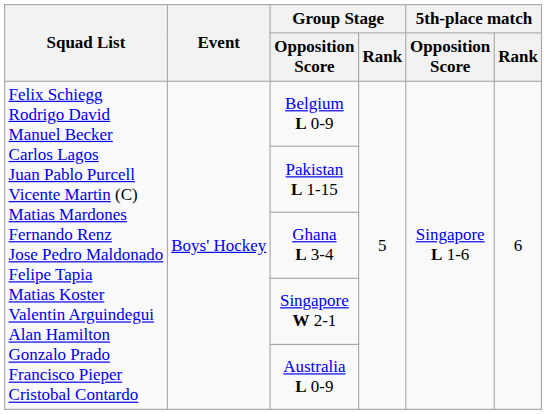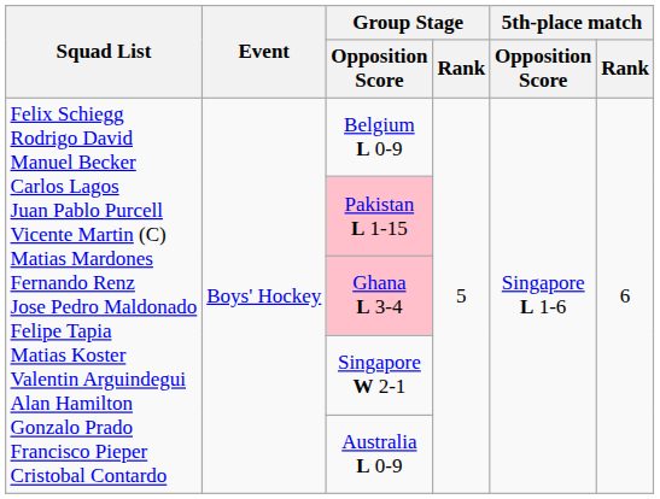 <table class=wikitable style="font-size:90%">
 <tr>
 <th rowspan=2>Squad List</th>
 <th rowspan=2>Event</th>
 <th colspan=2>Group Stage</th>
 <th colspan=2>5th-place match</th>
 </tr>
 <tr>
 <th>Opposition<br>Score</th>
 <th>Rank</th>
 <th>Opposition<br>Score</th>
 <th>Rank</th>
 </tr>
 <tr>
 <td rowspan=5><a href='#'>Felix Schiegg</a><br><a href='#'>Rodrigo David</a><br><a href='#'>Manuel Becker</a><br><a href='#'>Carlos Lagos</a><br><a href='#'>Juan Pablo Purcell</a><br><a href='#'>Vicente Martin</a> (C)<br><a href='#'>Matias Mardones</a><br><a href='#'>Fernando Renz</a><br><a href='#'>Jose Pedro Maldonado</a><br><a href='#'>Felipe Tapia</a><br><a href='#'>Matias Koster</a><br><a href='#'>Valentin Arguindegui</a><br><a href='#'>Alan Hamilton</a><br><a href='#'>Gonzalo Prado</a><br><a href='#'>Francisco Pieper</a><br><a href='#'>Cristobal Contardo</a></td>
 <td rowspan=5><a href='#'>Boys' Hockey</a></td>
 <td align=center> <a href='#'>Belgium</a><br> <strong>L</strong> 0-9</td>
 <td rowspan=5 align=center>5</td>
 <td rowspan=5 align=center> <a href='#'>Singapore</a><br> <strong>L</strong> 1-6</td>
 <td rowspan=5 align=center>6</td>
 </tr>
 <tr>
-<td align=center> <a href='#'>Pakistan</a><br> <strong>L</strong> 1-15</td>
+<td align=center style="background: pink;"> <a href='#'>Pakistan</a><br> <strong>L</strong> 1-15</td>
 </tr>
 <tr>
-<td align=center> <a href='#'>Ghana</a><br> <strong>L</strong> 3-4</td>
+<td align=center style="background: pink;"> <a href='#'>Ghana</a><br> <strong>L</strong> 3-4</td>
 </tr>
 <tr>
 <td align=center> <a href='#'>Singapore</a><br> <strong>W</strong> 2-1</td>
 </tr>
 <tr>
 <td align=center> <a href='#'>Australia</a><br> <strong>L</strong> 0-9</td>
 </tr>
 </table>
